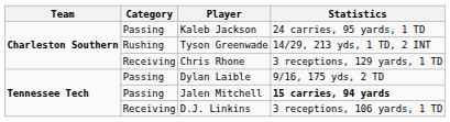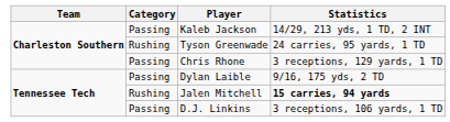 <table class="wikitable" style="float: right;">
 <tr>
 <th>Team</th>
 <th>Category</th>
 <th>Player</th>
 <th>Statistics</th>
 </tr>
 <tr>
 <td rowspan=3><strong>Charleston Southern</strong></td>
 <td>Passing</td>
 <td>Kaleb Jackson</td>
-<td>24 carries, 95 yards, 1 TD</td>
+<td>14/29, 213 yds, 1 TD, 2 INT</td>
 </tr>
 <tr>
 <td>Rushing</td>
 <td>Tyson Greenwade</td>
-<td>14/29, 213 yds, 1 TD, 2 INT</td>
+<td>24 carries, 95 yards, 1 TD</td>
 </tr>
 <tr>
-<td>Receiving</td>
+<td>Passing</td>
 <td>Chris Rhone</td>
 <td>3 receptions, 129 yards, 1 TD</td>
 </tr>
 <tr>
 <td rowspan=3><strong>Tennessee Tech</strong></td>
 <td>Passing</td>
 <td>Dylan Laible</td>
 <td>9/16, 175 yds, 2 TD</td>
 </tr>
 <tr>
-<td>Passing</td>
+<td>Rushing</td>
 <td>Jalen Mitchell</td>
 <td><strong>15 carries, 94 yards</strong></td>
 </tr>
 <tr>
-<td>Receiving</td>
+<td>Passing</td>
 <td>D.J. Linkins</td>
 <td>3 receptions, 106 yards, 1 TD</td>
 </tr>
 </table>
